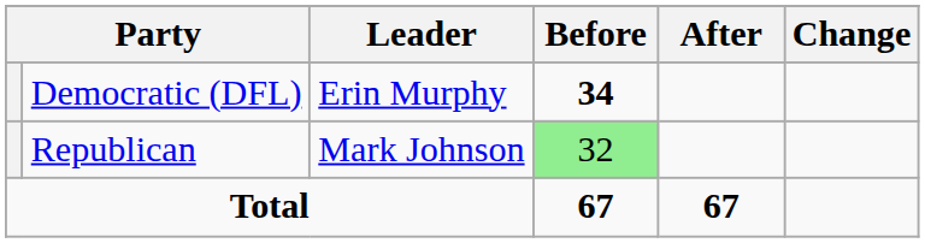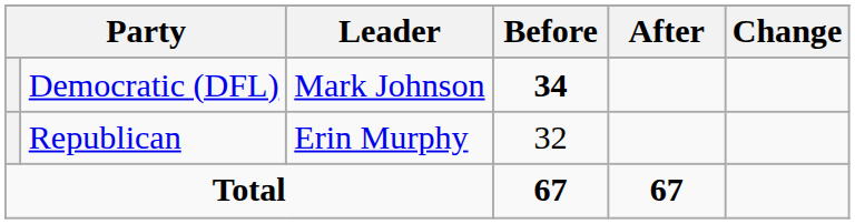 <table class="wikitable" style="text-align:center;">
 <tr>
 </tr>
 <tr>
 <th colspan=2>Party</th>
 <th>Leader</th>
 <th style="width:3em">Before</th>
 <th style="width:3em">After</th>
 <th style="width:3em">Change</th>
 </tr>
 <tr>
 <th style="background-color:"></th>
 <td style="text-align:left;"><a href='#'>Democratic (DFL)</a></td>
-<td style="text-align:left;"><a href='#'>Erin Murphy</a></td>
+<td style="text-align:left;"><a href='#'>Mark Johnson</a></td>
 <td><strong>34</strong></td>
 <td></td>
 <td></td>
 </tr>
 <tr>
 <th style="background-color:"></th>
 <td style="text-align:left;"><a href='#'>Republican</a></td>
-<td style="text-align:left;"><a href='#'>Mark Johnson</a></td>
-<td style="background: lightgreen;">32</td>
+<td style="text-align:left;"><a href='#'>Erin Murphy</a></td>
+<td>32</td>
 <td></td>
 <td></td>
 </tr>
 <tr>
 <td colspan=3><strong>Total</strong></td>
 <td><strong>67</strong></td>
 <td><strong>67</strong></td>
 <td></td>
 </tr>
 </table>
